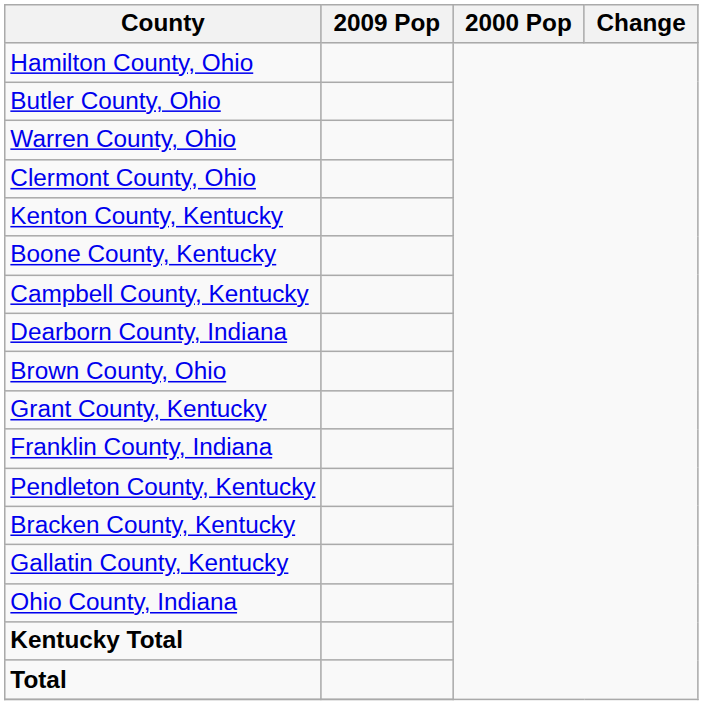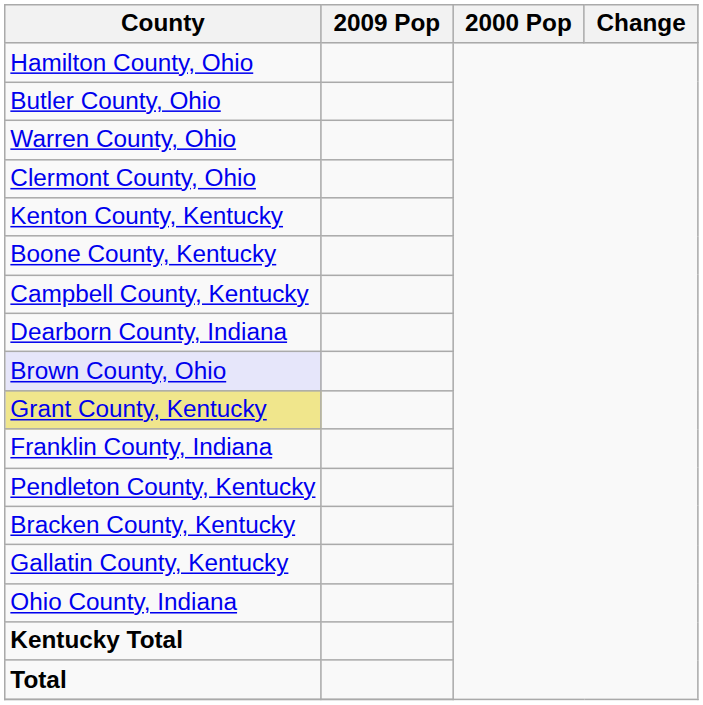 <table class=wikitable>
 <tr>
 <th>County</th>
 <th> 2009 Pop </th>
 <th> 2000 Pop </th>
 <th> Change </th>
 </tr>
 <tr>
 <td><a href='#'><span>Hamilton County, Ohio</span></a></td>
 <td></td>
 </tr>
 <tr>
 <td><a href='#'><span>Butler County, Ohio</span></a></td>
 <td></td>
 </tr>
 <tr>
 <td><a href='#'><span>Warren County, Ohio</span></a></td>
 <td></td>
 </tr>
 <tr>
 <td><a href='#'><span>Clermont County, Ohio</span></a></td>
 <td></td>
 </tr>
 <tr>
 <td><a href='#'>Kenton County, Kentucky</a></td>
 <td></td>
 </tr>
 <tr>
 <td><a href='#'>Boone County, Kentucky</a></td>
 <td></td>
 </tr>
 <tr>
 <td><a href='#'>Campbell County, Kentucky</a></td>
 <td></td>
 </tr>
 <tr>
 <td><a href='#'><span>Dearborn County, Indiana</span></a></td>
 <td></td>
 </tr>
 <tr>
-<td><a href='#'><span>Brown County, Ohio</span></a></td>
+<td style="background: lavender;"><a href='#'><span>Brown County, Ohio</span></a></td>
 <td></td>
 </tr>
 <tr>
-<td><a href='#'>Grant County, Kentucky</a></td>
+<td style="background: khaki;"><a href='#'>Grant County, Kentucky</a></td>
 <td></td>
 </tr>
 <tr>
 <td><a href='#'><span>Franklin County, Indiana</span></a></td>
 <td></td>
 </tr>
 <tr>
 <td><a href='#'>Pendleton County, Kentucky</a></td>
 <td></td>
 </tr>
 <tr>
 <td><a href='#'>Bracken County, Kentucky</a></td>
 <td></td>
 </tr>
 <tr>
 <td><a href='#'>Gallatin County, Kentucky</a></td>
 <td></td>
 </tr>
 <tr>
 <td><a href='#'><span>Ohio County, Indiana</span></a></td>
 <td></td>
 </tr>
 <tr>
 <td><strong> Kentucky Total</strong></td>
 <td></td>
 </tr>
 <tr>
 <td><strong>Total</strong></td>
 <td></td>
 </tr>
 <tr>
 </tr>
 </table>
